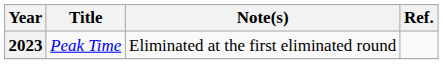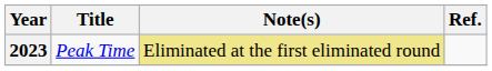 <table class="wikitable plainrowheaders">
 <tr>
 <th scope="col">Year</th>
 <th scope="col">Title</th>
 <th scope="col">Note(s)</th>
 <th scope="col" class="unsortable">Ref.</th>
 </tr>
 <tr>
 <th scope="row">2023</th>
 <td><em><a href='#'>Peak Time</a></em></td>
-<td>Eliminated at the first eliminated round</td>
+<td style="background: khaki;">Eliminated at the first eliminated round</td>
 <td></td>
 </tr>
 <tr>
 </tr>
 </table>
